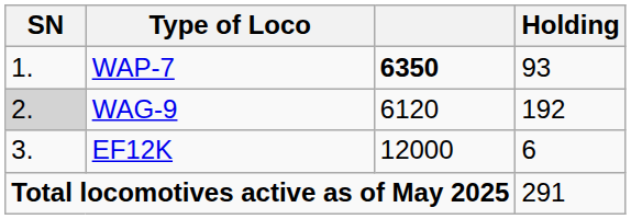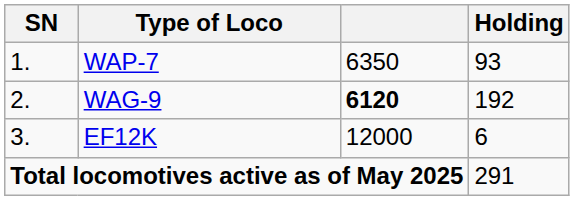 <table class="wikitable">
 <tr>
 <th scope="col">SN</th>
 <th scope="col">Type of Loco</th>
 <th scope="col"></th>
 <th scope="col">Holding</th>
 </tr>
 <tr>
 <td>1.</td>
 <td><a href='#'>WAP-7</a></td>
-<td><strong>6350</strong></td>
+<td>6350</td>
 <td>93</td>
 </tr>
 <tr>
-<td style="background: lightgrey;">2.</td>
+<td>2.</td>
 <td><a href='#'>WAG-9</a></td>
-<td>6120</td>
+<td><strong>6120</strong></td>
 <td>192</td>
 </tr>
 <tr>
 <td>3.</td>
 <td><a href='#'>EF12K</a></td>
 <td>12000</td>
 <td>6</td>
 </tr>
 <tr>
 <td colspan="3"><strong>Total locomotives active as of May 2025</strong></td>
 <td>291</td>
 </tr>
 </table>
